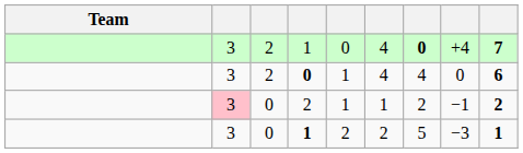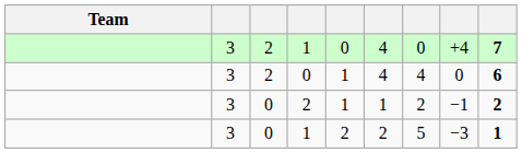 <table class="wikitable" style="text-align: center; font-size: 90%;">
 <tr>
 <th width=165>Team</th>
 <th width=25></th>
 <th width=25></th>
 <th width=25></th>
 <th width=25></th>
 <th width=25></th>
 <th width=25></th>
 <th width=25></th>
 <th width=25></th>
 </tr>
 <tr style="background:#cfc;">
 <td align="left"></td>
 <td>3</td>
 <td>2</td>
 <td>1</td>
 <td>0</td>
 <td>4</td>
-<td><strong>0</strong></td>
+<td>0</td>
 <td>+4</td>
 <td><strong>7</strong></td>
 </tr>
 <tr>
 <td align="left"></td>
 <td>3</td>
 <td>2</td>
-<td><strong>0</strong></td>
+<td>0</td>
 <td>1</td>
 <td>4</td>
 <td>4</td>
 <td>0</td>
 <td><strong>6</strong></td>
 </tr>
 <tr>
 <td align="left"></td>
-<td style="background: pink;">3</td>
+<td>3</td>
 <td>0</td>
 <td>2</td>
 <td>1</td>
 <td>1</td>
 <td>2</td>
 <td>−1</td>
 <td><strong>2</strong></td>
 </tr>
 <tr>
 <td align="left"><em></em></td>
 <td>3</td>
 <td>0</td>
-<td><strong>1</strong></td>
+<td>1</td>
 <td>2</td>
 <td>2</td>
 <td>5</td>
 <td>−3</td>
 <td><strong>1</strong></td>
 </tr>
 </table>
